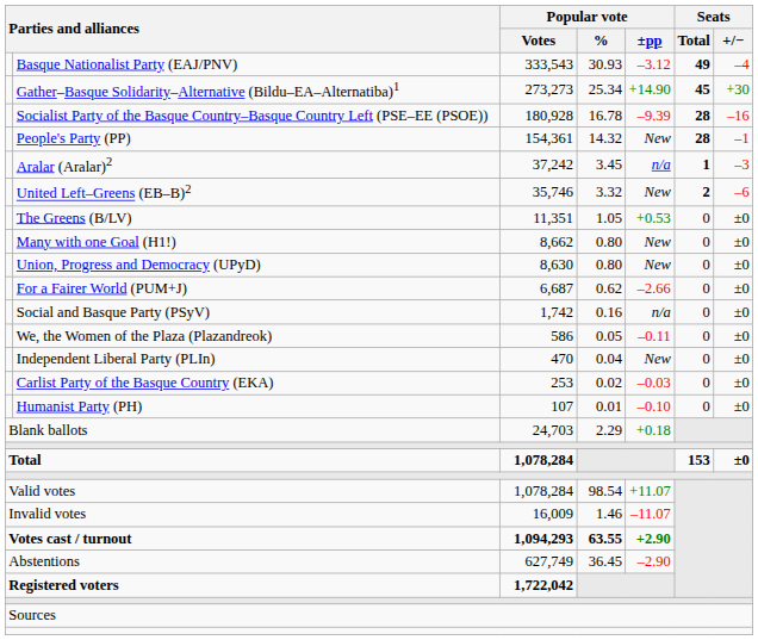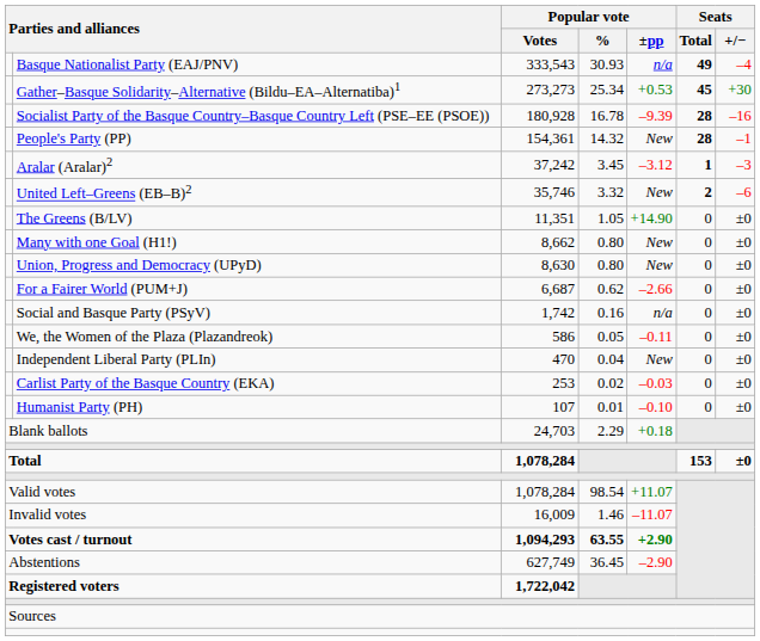 <table class="wikitable" style="text-align:right;">
 <tr>
 <th style="text-align:left;" rowspan="2" colspan="2" width="525">Parties and alliances</th>
 <th colspan="3">Popular vote</th>
 <th colspan="2">Seats</th>
 </tr>
 <tr>
 <th width="75">Votes</th>
 <th width="45">%</th>
 <th width="45">±<a href='#'>pp</a></th>
 <th width="35">Total</th>
 <th width="35">+/−</th>
 </tr>
 <tr>
 <td width="1" style="color:inherit;background:"></td>
 <td align="left"><a href='#'>Basque Nationalist Party</a> (EAJ/PNV)</td>
 <td>333,543</td>
 <td>30.93</td>
-<td style="color:red;">–3.12</td>
+<td><em><a href='#'>n/a</a></em></td>
 <td><strong>49</strong></td>
 <td style="color:red;">–4</td>
 </tr>
 <tr>
 <td style="color:inherit;background:"></td>
 <td align="left"><a href='#'>Gather</a>–<a href='#'>Basque Solidarity</a>–<a href='#'>Alternative</a> (Bildu–EA–Alternatiba)<sup>1</sup></td>
 <td>273,273</td>
 <td>25.34</td>
-<td style="color:green;">+14.90</td>
+<td style="color:green;">+0.53</td>
 <td><strong>45</strong></td>
 <td style="color:green;">+30</td>
 </tr>
 <tr>
 <td style="color:inherit;background:"></td>
 <td align="left"><a href='#'>Socialist Party of the Basque Country–Basque Country Left</a> (PSE–EE (PSOE))</td>
 <td>180,928</td>
 <td>16.78</td>
 <td style="color:red;">–9.39</td>
 <td><strong>28</strong></td>
 <td style="color:red;">–16</td>
 </tr>
 <tr>
 <td style="color:inherit;background:"></td>
 <td align="left"><a href='#'>People's Party</a> (PP)</td>
 <td>154,361</td>
 <td>14.32</td>
 <td><em>New</em></td>
 <td><strong>28</strong></td>
 <td style="color:red;">–1</td>
 </tr>
 <tr>
 <td style="color:inherit;background:"></td>
 <td align="left"><a href='#'>Aralar</a> (Aralar)<sup>2</sup></td>
 <td>37,242</td>
 <td>3.45</td>
-<td><em><a href='#'>n/a</a></em></td>
+<td style="color:red;">–3.12</td>
 <td><strong>1</strong></td>
 <td style="color:red;">–3</td>
 </tr>
 <tr>
 <td style="color:inherit;background:"></td>
 <td align="left"><a href='#'>United Left–Greens</a> (EB–B)<sup>2</sup></td>
 <td>35,746</td>
 <td>3.32</td>
 <td><em>New</em></td>
 <td><strong>2</strong></td>
 <td style="color:red;">–6</td>
 </tr>
 <tr>
 <td style="color:inherit;background:"></td>
 <td align="left"><a href='#'>The Greens</a> (B/LV)</td>
 <td>11,351</td>
 <td>1.05</td>
-<td style="color:green;">+0.53</td>
+<td style="color:green;">+14.90</td>
 <td>0</td>
 <td>±0</td>
 </tr>
 <tr>
 <td style="color:inherit;background:"></td>
 <td align="left"><a href='#'>Many with one Goal</a> (H1!)</td>
 <td>8,662</td>
 <td>0.80</td>
 <td><em>New</em></td>
 <td>0</td>
 <td>±0</td>
 </tr>
 <tr>
 <td style="color:inherit;background:"></td>
 <td align="left"><a href='#'>Union, Progress and Democracy</a> (UPyD)</td>
 <td>8,630</td>
 <td>0.80</td>
 <td><em>New</em></td>
 <td>0</td>
 <td>±0</td>
 </tr>
 <tr>
 <td style="color:inherit;background:"></td>
 <td align="left"><a href='#'>For a Fairer World</a> (PUM+J)</td>
 <td>6,687</td>
 <td>0.62</td>
 <td style="color:red;">–2.66</td>
 <td>0</td>
 <td>±0</td>
 </tr>
 <tr>
 <td style="color:inherit;background:"></td>
 <td align="left">Social and Basque Party (PSyV)</td>
 <td>1,742</td>
 <td>0.16</td>
 <td><em>n/a</em></td>
 <td>0</td>
 <td>±0</td>
 </tr>
 <tr>
 <td style="color:inherit;background:"></td>
 <td align="left">We, the Women of the Plaza (Plazandreok)</td>
 <td>586</td>
 <td>0.05</td>
 <td style="color:red;">–0.11</td>
 <td>0</td>
 <td>±0</td>
 </tr>
 <tr>
 <td style="color:inherit;background:"></td>
 <td align="left">Independent Liberal Party (PLIn)</td>
 <td>470</td>
 <td>0.04</td>
 <td><em>New</em></td>
 <td>0</td>
 <td>±0</td>
 </tr>
 <tr>
 <td style="color:inherit;background:"></td>
 <td align="left"><a href='#'>Carlist Party of the Basque Country</a> (EKA)</td>
 <td>253</td>
 <td>0.02</td>
 <td style="color:red;">–0.03</td>
 <td>0</td>
 <td>±0</td>
 </tr>
 <tr>
 <td style="color:inherit;background:"></td>
 <td align="left"><a href='#'>Humanist Party</a> (PH)</td>
 <td>107</td>
 <td>0.01</td>
 <td style="color:red;">–0.10</td>
 <td>0</td>
 <td>±0</td>
 </tr>
 <tr>
 <td align="left" colspan="2">Blank ballots</td>
 <td>24,703</td>
 <td>2.29</td>
 <td style="color:green;">+0.18</td>
 <td bgcolor="#E9E9E9" colspan="2"></td>
 </tr>
 <tr>
 <td colspan="7" bgcolor="#E9E9E9"></td>
 </tr>
 <tr style="font-weight:bold;">
 <td align="left" colspan="2">Total</td>
 <td>1,078,284</td>
 <td bgcolor="#E9E9E9" colspan="2"></td>
 <td>153</td>
 <td>±0</td>
 </tr>
 <tr>
 <td colspan="7" bgcolor="#E9E9E9"></td>
 </tr>
 <tr>
 <td align="left" colspan="2">Valid votes</td>
 <td>1,078,284</td>
 <td>98.54</td>
 <td style="color:green;">+11.07</td>
 <td bgcolor="#E9E9E9" colspan="2" rowspan="5"></td>
 </tr>
 <tr>
 <td align="left" colspan="2">Invalid votes</td>
 <td>16,009</td>
 <td>1.46</td>
 <td style="color:red;">–11.07</td>
 </tr>
 <tr style="font-weight:bold;">
 <td align="left" colspan="2">Votes cast / turnout</td>
 <td>1,094,293</td>
 <td>63.55</td>
 <td style="color:green;">+2.90</td>
 </tr>
 <tr>
 <td align="left" colspan="2">Abstentions</td>
 <td>627,749</td>
 <td>36.45</td>
 <td style="color:red;">–2.90</td>
 </tr>
 <tr style="font-weight:bold;">
 <td align="left" colspan="2">Registered voters</td>
 <td>1,722,042</td>
 <td bgcolor="#E9E9E9" colspan="2"></td>
 </tr>
 <tr>
 <td colspan="7" bgcolor="#E9E9E9"></td>
 </tr>
 <tr>
 <td align="left" colspan="7">Sources</td>
 </tr>
 <tr>
 <td colspan="7" style="text-align:left; max-width:790px;"></td>
 </tr>
 </table>
